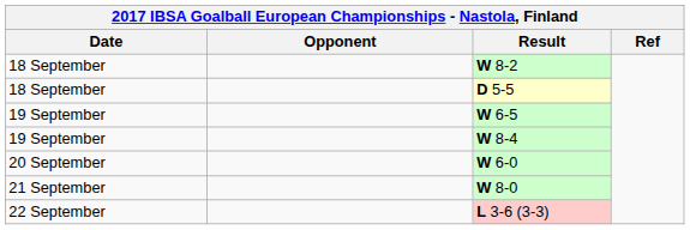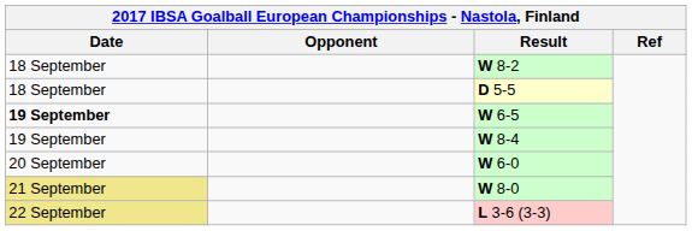 <table class="wikitable">
 <tr>
 <th width=700 colspan=4><a href='#'>2017 IBSA Goalball European Championships</a> - <a href='#'>Nastola</a>, Finland </th>
 </tr>
 <tr>
 <th width=150>Date</th>
 <th width=200>Opponent</th>
 <th width=100>Result</th>
 <th width=50>Ref</th>
 </tr>
 <tr>
 <td>18 September</td>
 <td></td>
 <td bgcolor=#cfc><strong>W</strong> 8-2</td>
 <td rowspan=7></td>
 </tr>
 <tr>
 <td>18 September</td>
 <td></td>
 <td bgcolor=#ffc><strong>D</strong> 5-5</td>
 </tr>
 <tr>
-<td>19 September</td>
+<td><strong>19 September</strong></td>
 <td></td>
 <td bgcolor=#cfc><strong>W</strong> 6-5</td>
 </tr>
 <tr>
 <td>19 September</td>
 <td></td>
 <td bgcolor=#cfc><strong>W</strong> 8-4</td>
 </tr>
 <tr>
 <td>20 September</td>
 <td></td>
 <td bgcolor=#cfc><strong>W</strong> 6-0</td>
 </tr>
 <tr>
-<td>21 September</td>
+<td style="background: khaki;">21 September</td>
 <td></td>
 <td bgcolor=#cfc><strong>W</strong> 8-0</td>
 </tr>
 <tr>
-<td>22 September</td>
+<td style="background: khaki;">22 September</td>
 <td></td>
 <td bgcolor=#fcc><strong>L</strong> 3-6 (3-3)</td>
 </tr>
 </table>
